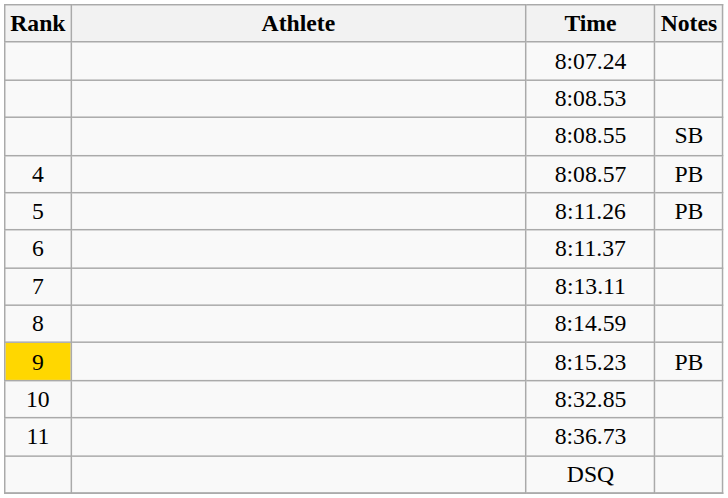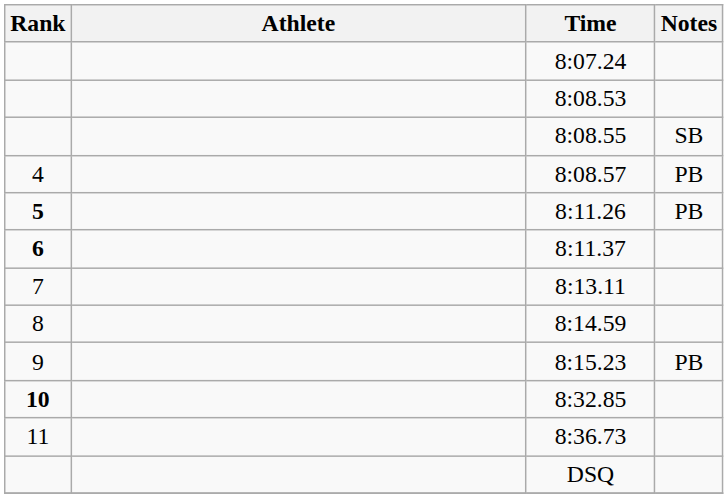 <table class="wikitable" style="text-align:center">
 <tr>
 <th>Rank</th>
 <th width=300>Athlete</th>
 <th width=80>Time</th>
 <th>Notes</th>
 </tr>
 <tr>
 <td></td>
 <td align=left></td>
 <td>8:07.24</td>
 <td></td>
 </tr>
 <tr>
 <td></td>
 <td align=left></td>
 <td>8:08.53</td>
 <td></td>
 </tr>
 <tr>
 <td></td>
 <td align=left></td>
 <td>8:08.55</td>
 <td>SB</td>
 </tr>
 <tr>
 <td>4</td>
 <td align=left></td>
 <td>8:08.57</td>
 <td>PB</td>
 </tr>
 <tr>
-<td>5</td>
+<td><strong>5</strong></td>
 <td align=left></td>
 <td>8:11.26</td>
 <td>PB</td>
 </tr>
 <tr>
-<td>6</td>
+<td><strong>6</strong></td>
 <td align=left></td>
 <td>8:11.37</td>
 <td></td>
 </tr>
 <tr>
 <td>7</td>
 <td align=left></td>
 <td>8:13.11</td>
 <td></td>
 </tr>
 <tr>
 <td>8</td>
 <td align=left></td>
 <td>8:14.59</td>
 <td></td>
 </tr>
 <tr>
-<td style="background: gold;">9</td>
+<td>9</td>
 <td align=left></td>
 <td>8:15.23</td>
 <td>PB</td>
 </tr>
 <tr>
-<td>10</td>
+<td><strong>10</strong></td>
 <td align=left></td>
 <td>8:32.85</td>
 <td></td>
 </tr>
 <tr>
 <td>11</td>
 <td align=left></td>
 <td>8:36.73</td>
 <td></td>
 </tr>
 <tr>
 <td></td>
 <td align=left></td>
 <td>DSQ</td>
 <td></td>
 </tr>
 <tr>
 </tr>
 </table>
